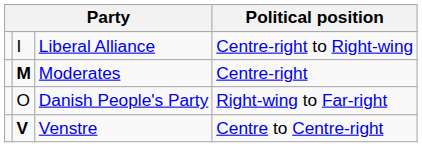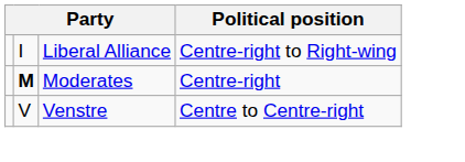 <table class="wikitable">
 <tr>
 <th colspan="3">Party</th>
 <th>Political position</th>
 </tr>
 <tr>
 <td></td>
 <td>I</td>
 <td><a href='#'>Liberal Alliance</a></td>
 <td><a href='#'>Centre-right</a> to <a href='#'>Right-wing</a></td>
 </tr>
 <tr>
 <td></td>
 <td><strong>M</strong></td>
 <td><a href='#'>Moderates</a></td>
 <td><a href='#'>Centre-right</a></td>
 </tr>
 <tr>
 <td></td>
-<td>O</td>
-<td><a href='#'>Danish People's Party</a></td>
-<td><a href='#'>Right-wing</a> to  <a href='#'>Far-right</a></td>
-</tr>
-<tr>
-<td></td>
-<td><strong>V</strong></td>
+<td>V</td>
 <td><a href='#'>Venstre</a></td>
 <td><a href='#'>Centre</a> to <a href='#'>Centre-right</a></td>
 </tr>
 </table>
